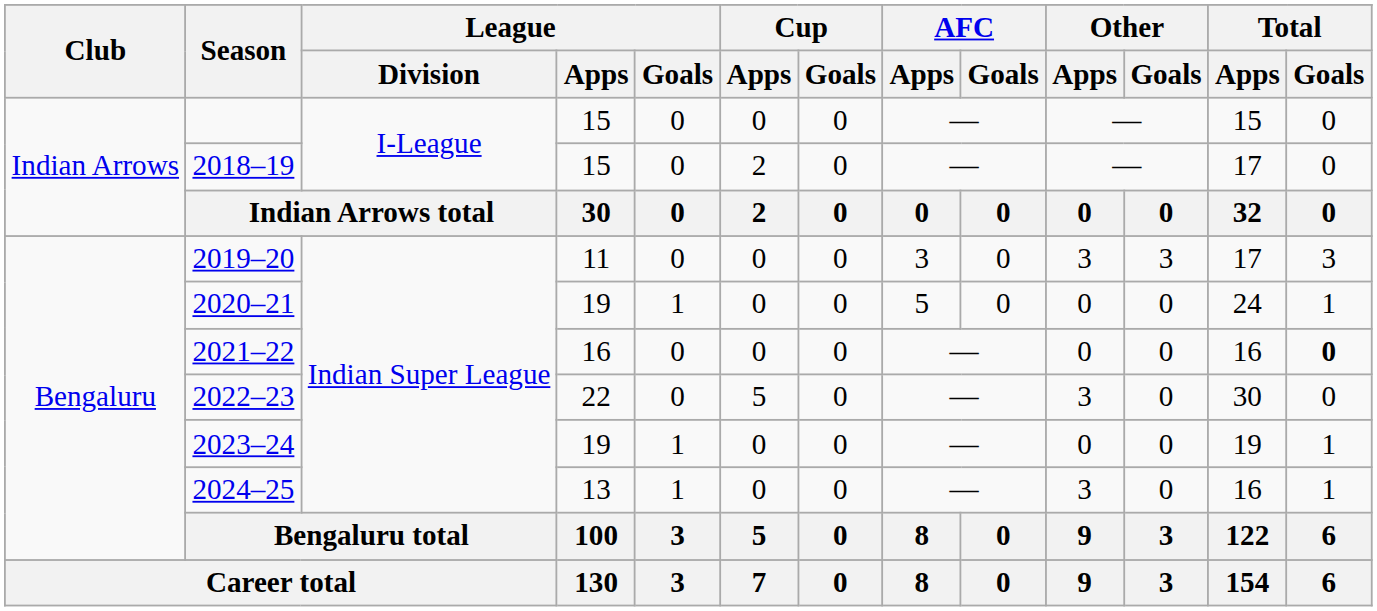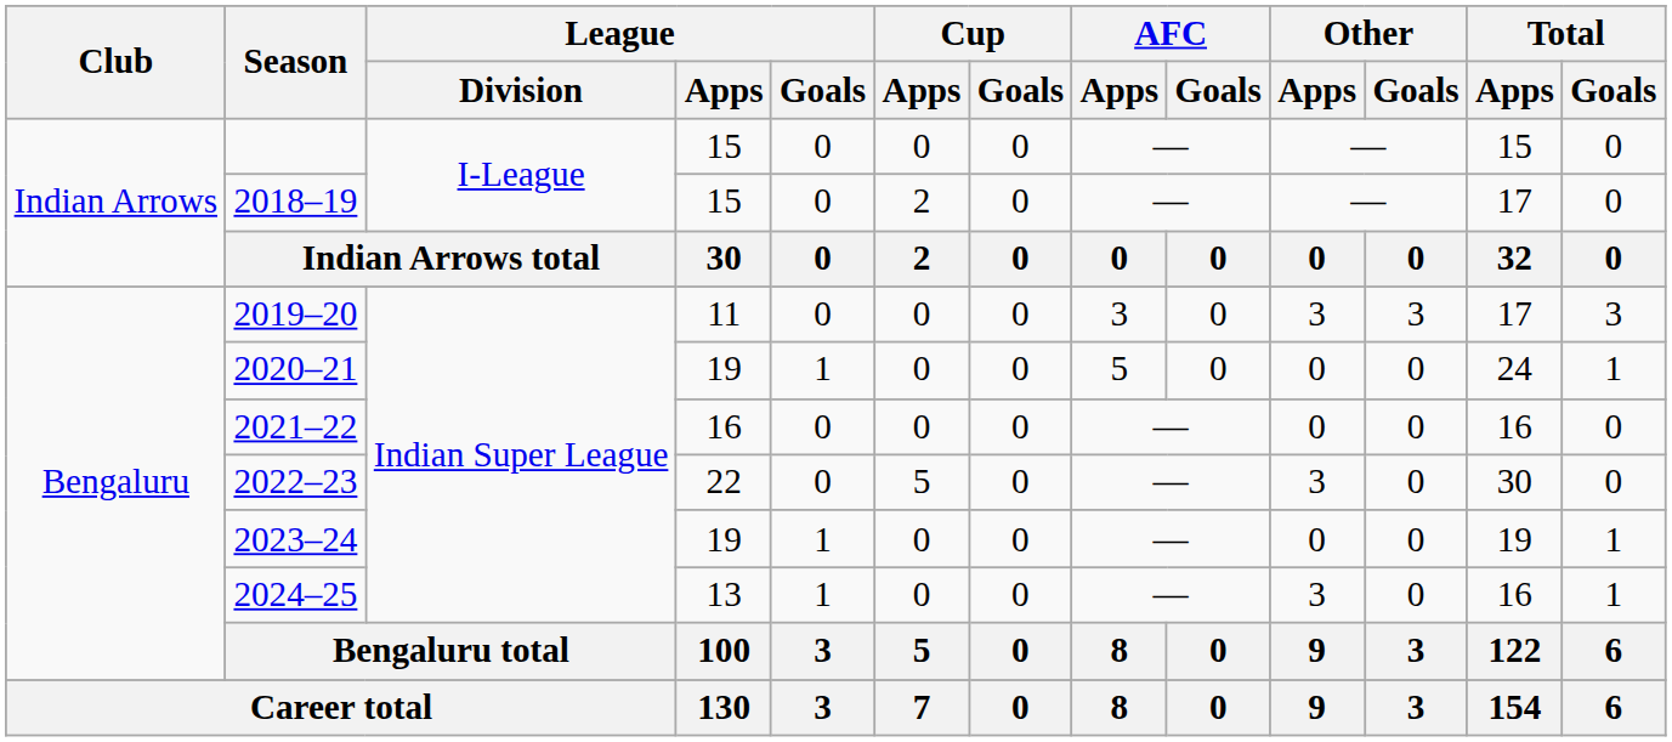 <table class="wikitable" style="text-align: center;">
 <tr>
 <th rowspan="2">Club</th>
 <th rowspan="2">Season</th>
 <th colspan="3">League</th>
 <th colspan="2">Cup</th>
 <th colspan="2"><a href='#'>AFC</a></th>
 <th colspan="2">Other</th>
 <th colspan="2">Total</th>
 </tr>
 <tr>
 <th>Division</th>
 <th>Apps</th>
 <th>Goals</th>
 <th>Apps</th>
 <th>Goals</th>
 <th>Apps</th>
 <th>Goals</th>
 <th>Apps</th>
 <th>Goals</th>
 <th>Apps</th>
 <th>Goals</th>
 </tr>
 <tr>
 <td rowspan="3"><a href='#'>Indian Arrows</a></td>
 <td></td>
 <td rowspan="2"><a href='#'>I-League</a></td>
 <td>15</td>
 <td>0</td>
 <td>0</td>
 <td>0</td>
 <td colspan="2">—</td>
 <td colspan="2">—</td>
 <td>15</td>
 <td>0</td>
 </tr>
 <tr>
 <td><a href='#'>2018–19</a></td>
 <td>15</td>
 <td>0</td>
 <td>2</td>
 <td>0</td>
 <td colspan="2">—</td>
 <td colspan="2">—</td>
 <td>17</td>
 <td>0</td>
 </tr>
 <tr>
 <th colspan="2">Indian Arrows total</th>
 <th>30</th>
 <th>0</th>
 <th>2</th>
 <th>0</th>
 <th>0</th>
 <th>0</th>
 <th>0</th>
 <th>0</th>
 <th>32</th>
 <th>0</th>
 </tr>
 <tr>
 <td rowspan="7"><a href='#'>Bengaluru</a></td>
 <td><a href='#'>2019–20</a></td>
 <td rowspan="6"><a href='#'>Indian Super League</a></td>
 <td>11</td>
 <td>0</td>
 <td>0</td>
 <td>0</td>
 <td>3</td>
 <td>0</td>
 <td>3</td>
 <td>3</td>
 <td>17</td>
 <td>3</td>
 </tr>
 <tr>
 <td><a href='#'>2020–21</a></td>
 <td>19</td>
 <td>1</td>
 <td>0</td>
 <td>0</td>
 <td>5</td>
 <td>0</td>
 <td>0</td>
 <td>0</td>
 <td>24</td>
 <td>1</td>
 </tr>
 <tr>
 <td><a href='#'>2021–22</a></td>
 <td>16</td>
 <td>0</td>
 <td>0</td>
 <td>0</td>
 <td colspan="2">—</td>
 <td>0</td>
 <td>0</td>
 <td>16</td>
-<td><strong>0</strong></td>
+<td>0</td>
 </tr>
 <tr>
 <td><a href='#'>2022–23</a></td>
 <td>22</td>
 <td>0</td>
 <td>5</td>
 <td>0</td>
 <td colspan="2">—</td>
 <td>3</td>
 <td>0</td>
 <td>30</td>
 <td>0</td>
 </tr>
 <tr>
 <td><a href='#'>2023–24</a></td>
 <td>19</td>
 <td>1</td>
 <td>0</td>
 <td>0</td>
 <td colspan="2">—</td>
 <td>0</td>
 <td>0</td>
 <td>19</td>
 <td>1</td>
 </tr>
 <tr>
 <td><a href='#'>2024–25</a></td>
 <td>13</td>
 <td>1</td>
 <td>0</td>
 <td>0</td>
 <td colspan="2">—</td>
 <td>3</td>
 <td>0</td>
 <td>16</td>
 <td>1</td>
 </tr>
 <tr>
 <th colspan="2">Bengaluru total</th>
 <th>100</th>
 <th>3</th>
 <th>5</th>
 <th>0</th>
 <th>8</th>
 <th>0</th>
 <th>9</th>
 <th>3</th>
 <th>122</th>
 <th>6</th>
 </tr>
 <tr>
 <th colspan="3">Career total</th>
 <th>130</th>
 <th>3</th>
 <th>7</th>
 <th>0</th>
 <th>8</th>
 <th>0</th>
 <th>9</th>
 <th>3</th>
 <th>154</th>
 <th>6</th>
 </tr>
 </table>
